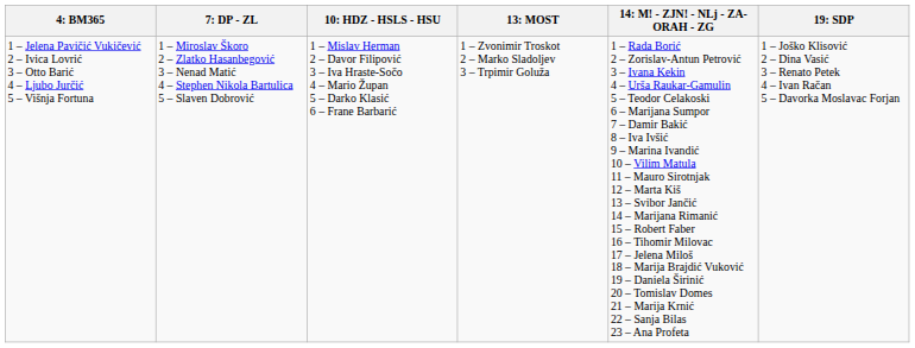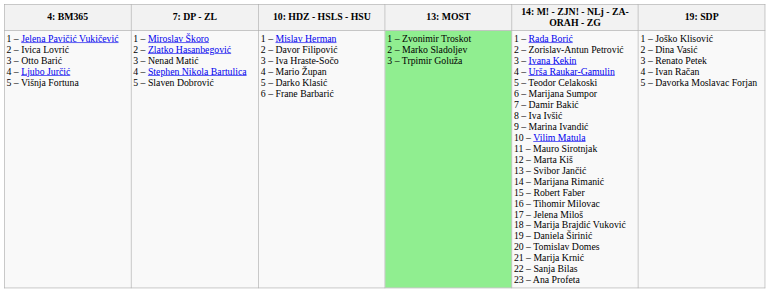 <table class="wikitable" style="text-align:left;">
 <tr>
 <th>4: BM365</th>
 <th>7: DP - ZL</th>
 <th>10: HDZ - HSLS - HSU</th>
 <th>13: MOST</th>
 <th>14: M! - ZJN! - NLj - ZA-ORAH - ZG</th>
 <th>19: SDP</th>
 </tr>
 <tr>
 <td style="width:13em;" valign="top">1 – <a href='#'>Jelena Pavičić Vukičević</a><br> 2 – Ivica Lovrić<br> 3 – Otto Barić<br> 4 – <a href='#'>Ljubo Jurčić</a><br> 5 – Višnja Fortuna</td>
 <td style="width:13em;" valign="top">1 – <a href='#'>Miroslav Škoro</a><br> 2 – <a href='#'>Zlatko Hasanbegović</a><br> 3 – Nenad Matić<br> 4 – <a href='#'>Stephen Nikola Bartulica</a> <br> 5 – Slaven Dobrović</td>
 <td style="width:13em;" valign="top">1 – <a href='#'>Mislav Herman</a><br> 2 – Davor Filipović<br> 3 – Iva Hraste-Sočo<br> 4 – Mario Župan<br> 5 – Darko Klasić <br>6 – Frane Barbarić</td>
-<td style="width:13em;" valign="top">1 – Zvonimir Troskot <br> 2 – Marko Sladoljev<br> 3 – Trpimir Goluža</td>
+<td style="background: lightgreen; width:13em;" valign="top">1 – Zvonimir Troskot <br> 2 – Marko Sladoljev<br> 3 – Trpimir Goluža</td>
 <td style="width:13em;" valign="top">1 – <a href='#'>Rada Borić</a><br> 2 – Zorislav-Antun Petrović <br>3 – <a href='#'>Ivana Kekin</a> <br> 4 – <a href='#'>Urša Raukar-Gamulin</a><br> 5 – Teodor Celakoski<br> 6 – Marijana Sumpor<br> 7 – Damir Bakić <br>8 – Iva Ivšić<br> 9 – Marina Ivandić<br> 10 – <a href='#'>Vilim Matula</a><br> 11 – Mauro Sirotnjak<br> 12 – Marta Kiš<br>13 – Svibor Jančić<br>14 – Marijana Rimanić<br>15 – Robert Faber<br>16 – Tihomir Milovac<br>17 – Jelena Miloš<br>18 – Marija Brajdić Vuković<br>19 – Daniela Širinić<br>20 – Tomislav Domes<br>21 – Marija Krnić <br>22 – Sanja Bilas <br>23 – Ana Profeta</td>
 <td style="width:13em;" valign="top">1 – Joško Klisović<br> 2 – Dina Vasić<br> 3 – Renato Petek<br> 4 – Ivan Račan<br> 5 – Davorka Moslavac Forjan</td>
 </tr>
 </table>
